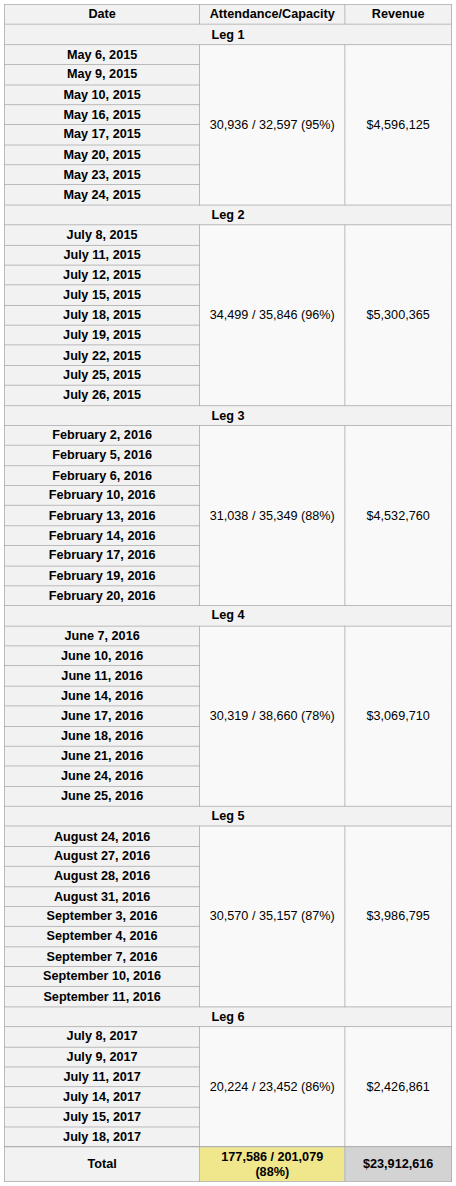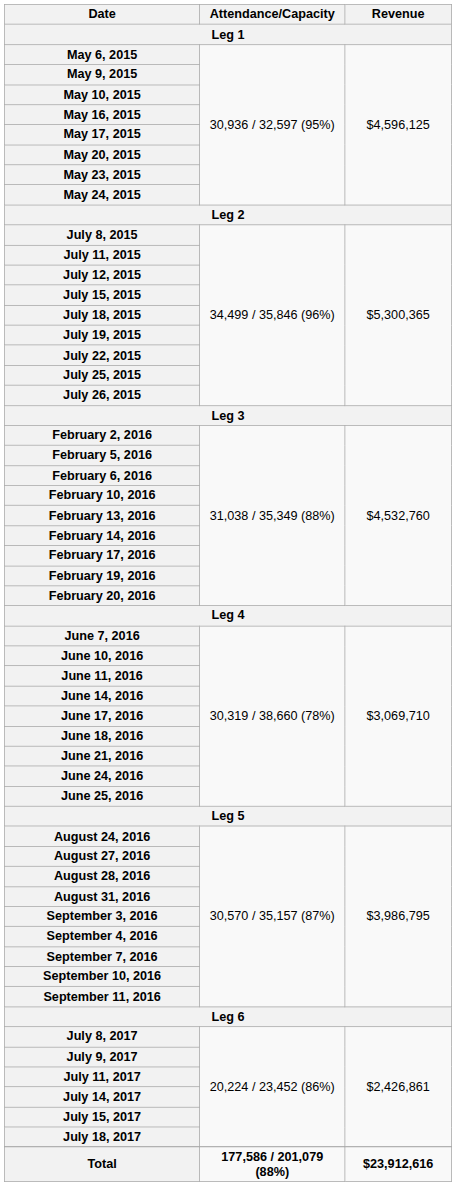 <table class="wikitable plainrowheaders" style="text-align:center;">
 <tr>
 <th scope="col" style="width:15em;">Date</th>
 <th scope="col" style="width:11em;">Attendance/Capacity</th>
 <th scope="col" style="width:8em;">Revenue</th>
 </tr>
 <tr>
 <th colspan="3">Leg 1</th>
 </tr>
 <tr>
 <th scope="row" style="text-align:center;">May 6, 2015</th>
 <td rowspan="8">30,936 / 32,597 (95%)</td>
 <td rowspan="8">$4,596,125</td>
 </tr>
 <tr>
 <th scope="row" style="text-align:center;">May 9, 2015</th>
 </tr>
 <tr>
 <th scope="row" style="text-align:center;">May 10, 2015</th>
 </tr>
 <tr>
 <th scope="row" style="text-align:center;">May 16, 2015</th>
 </tr>
 <tr>
 <th scope="row" style="text-align:center;">May 17, 2015</th>
 </tr>
 <tr>
 <th scope="row" style="text-align:center;">May 20, 2015</th>
 </tr>
 <tr>
 <th scope="row" style="text-align:center;">May 23, 2015</th>
 </tr>
 <tr>
 <th scope="row" style="text-align:center;">May 24, 2015</th>
 </tr>
 <tr>
 <th colspan="3">Leg 2</th>
 </tr>
 <tr>
 <th scope="row" style="text-align:center;">July 8, 2015</th>
 <td rowspan="9">34,499 / 35,846 (96%)</td>
 <td rowspan="9">$5,300,365</td>
 </tr>
 <tr>
 <th scope="row" style="text-align:center;">July 11, 2015</th>
 </tr>
 <tr>
 <th scope="row" style="text-align:center;">July 12, 2015</th>
 </tr>
 <tr>
 <th scope="row" style="text-align:center;">July 15, 2015</th>
 </tr>
 <tr>
 <th scope="row" style="text-align:center;">July 18, 2015</th>
 </tr>
 <tr>
 <th scope="row" style="text-align:center;">July 19, 2015</th>
 </tr>
 <tr>
 <th scope="row" style="text-align:center;">July 22, 2015</th>
 </tr>
 <tr>
 <th scope="row" style="text-align:center;">July 25, 2015</th>
 </tr>
 <tr>
 <th scope="row" style="text-align:center;">July 26, 2015</th>
 </tr>
 <tr>
 <th colspan="3">Leg 3</th>
 </tr>
 <tr>
 <th scope="row" style="text-align:center;">February 2, 2016</th>
 <td rowspan="9">31,038 / 35,349 (88%)</td>
 <td rowspan="9">$4,532,760</td>
 </tr>
 <tr>
 <th scope="row" style="text-align:center;">February 5, 2016</th>
 </tr>
 <tr>
 <th scope="row" style="text-align:center;">February 6, 2016</th>
 </tr>
 <tr>
 <th scope="row" style="text-align:center;">February 10, 2016</th>
 </tr>
 <tr>
 <th scope="row" style="text-align:center;">February 13, 2016</th>
 </tr>
 <tr>
 <th scope="row" style="text-align:center;">February 14, 2016</th>
 </tr>
 <tr>
 <th scope="row" style="text-align:center;">February 17, 2016</th>
 </tr>
 <tr>
 <th scope="row" style="text-align:center;">February 19, 2016</th>
 </tr>
 <tr>
 <th scope="row" style="text-align:center;">February 20, 2016</th>
 </tr>
 <tr>
 <th colspan="3">Leg 4</th>
 </tr>
 <tr>
 <th scope="row" style="text-align:center;">June 7, 2016</th>
 <td rowspan="9">30,319 / 38,660 (78%)</td>
 <td rowspan="9">$3,069,710</td>
 </tr>
 <tr>
 <th scope="row" style="text-align:center;">June 10, 2016</th>
 </tr>
 <tr>
 <th scope="row" style="text-align:center;">June 11, 2016</th>
 </tr>
 <tr>
 <th scope="row" style="text-align:center;">June 14, 2016</th>
 </tr>
 <tr>
 <th scope="row" style="text-align:center;">June 17, 2016</th>
 </tr>
 <tr>
 <th scope="row" style="text-align:center;">June 18, 2016</th>
 </tr>
 <tr>
 <th scope="row" style="text-align:center;">June 21, 2016</th>
 </tr>
 <tr>
 <th scope="row" style="text-align:center;">June 24, 2016</th>
 </tr>
 <tr>
 <th scope="row" style="text-align:center;">June 25, 2016</th>
 </tr>
 <tr>
 <th colspan="3">Leg 5</th>
 </tr>
 <tr>
 <th scope="row" style="text-align:center;">August 24, 2016</th>
 <td rowspan="9">30,570 / 35,157 (87%)</td>
 <td rowspan="9">$3,986,795</td>
 </tr>
 <tr>
 <th scope="row" style="text-align:center;">August 27, 2016</th>
 </tr>
 <tr>
 <th scope="row" style="text-align:center;">August 28, 2016</th>
 </tr>
 <tr>
 <th scope="row" style="text-align:center;">August 31, 2016</th>
 </tr>
 <tr>
 <th scope="row" style="text-align:center;">September 3, 2016</th>
 </tr>
 <tr>
 <th scope="row" style="text-align:center;">September 4, 2016</th>
 </tr>
 <tr>
 <th scope="row" style="text-align:center;">September 7, 2016</th>
 </tr>
 <tr>
 <th scope="row" style="text-align:center;">September 10, 2016</th>
 </tr>
 <tr>
 <th scope="row" style="text-align:center;">September 11, 2016</th>
 </tr>
 <tr>
 <th colspan="3">Leg 6</th>
 </tr>
 <tr>
 <th scope="row" style="text-align:center;">July 8, 2017</th>
 <td rowspan="6">20,224 / 23,452 (86%)</td>
 <td rowspan="6">$2,426,861</td>
 </tr>
 <tr>
 <th scope="row" style="text-align:center;">July 9, 2017</th>
 </tr>
 <tr>
 <th scope="row" style="text-align:center;">July 11, 2017</th>
 </tr>
 <tr>
 <th scope="row" style="text-align:center;">July 14, 2017</th>
 </tr>
 <tr>
 <th scope="row" style="text-align:center;">July 15, 2017</th>
 </tr>
 <tr>
 <th scope="row" style="text-align:center;">July 18, 2017</th>
 </tr>
 <tr>
 </tr>
 <tr class="sortbottom">
 <th colspan="`"><strong>Total</strong></th>
-<td style="background: khaki;"><strong>177,586 / 201,079 (88%)</strong></td>
-<td style="background: lightgrey;"><strong>$23,912,616</strong></td>
+<td><strong>177,586 / 201,079 (88%)</strong></td>
+<td><strong>$23,912,616</strong></td>
 </tr>
 </table>
